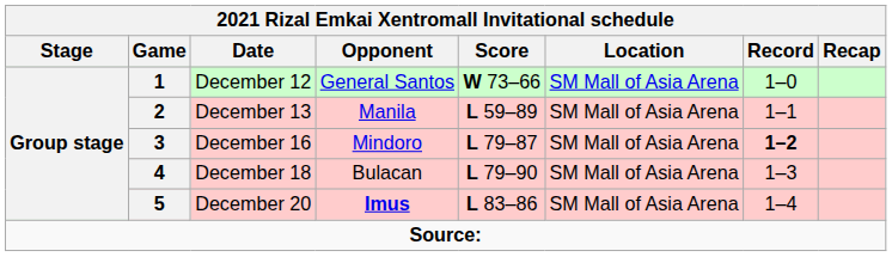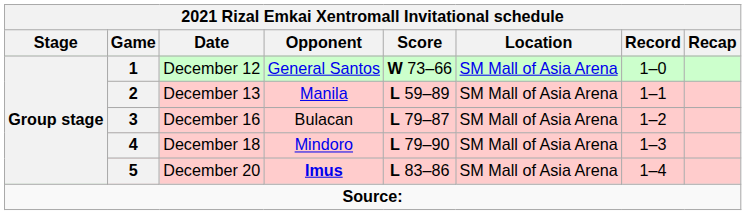 <table class="wikitable" style="text-align:center">
 <tr>
 <th colspan=8>2021 Rizal Emkai Xentromall Invitational schedule</th>
 </tr>
 <tr>
 <th>Stage</th>
 <th>Game</th>
 <th>Date</th>
 <th>Opponent</th>
 <th>Score</th>
 <th>Location</th>
 <th>Record</th>
 <th>Recap<br></th>
 </tr>
 <tr style="background:#cfc">
 <th rowspan=5>Group stage</th>
 <th>1</th>
 <td>December 12</td>
 <td><a href='#'>General Santos</a></td>
 <td><strong>W</strong> 73–66</td>
 <td><a href='#'>SM Mall of Asia Arena</a></td>
 <td>1–0</td>
 <td></td>
 </tr>
 <tr style="background:#fcc">
 <th>2</th>
 <td>December 13</td>
 <td><a href='#'>Manila</a></td>
 <td><strong>L</strong> 59–89</td>
 <td>SM Mall of Asia Arena</td>
 <td>1–1</td>
 <td></td>
 </tr>
 <tr style="background:#fcc">
 <th>3</th>
 <td>December 16</td>
-<td><a href='#'>Mindoro</a></td>
+<td>Bulacan</td>
 <td><strong>L</strong> 79–87</td>
 <td>SM Mall of Asia Arena</td>
-<td><strong>1–2</strong></td>
+<td>1–2</td>
 <td></td>
 </tr>
 <tr style="background:#fcc">
 <th>4</th>
 <td>December 18</td>
-<td>Bulacan</td>
+<td><a href='#'>Mindoro</a></td>
 <td><strong>L</strong> 79–90</td>
 <td>SM Mall of Asia Arena</td>
 <td>1–3</td>
 <td></td>
 </tr>
 <tr style="background:#fcc">
 <th>5</th>
 <td>December 20</td>
 <td><strong><a href='#'>Imus</a></strong></td>
 <td><strong>L</strong> 83–86</td>
 <td>SM Mall of Asia Arena</td>
 <td>1–4</td>
 <td></td>
 </tr>
 <tr>
 <td colspan=8 align=center><strong>Source: </strong></td>
 </tr>
 </table>
